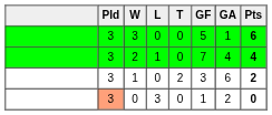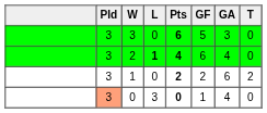 <table border=1 cellpadding=5 cellspacing=0>
 <tr>
 <th style="background:#efefef; width:120px;"></th>
 <th style="background:#efefef; width:20px;">Pld</th>
 <th style="background:#efefef; width:20px;">W</th>
 <th style="background:#efefef; width:20px;">L</th>
-<th style="background:#efefef; width:20px;">T</th>
+<th style="background:#efefef; width:20px;">Pts</th>
 <th style="background:#efefef; width:20px;">GF</th>
 <th style="background:#efefef; width:20px;">GA</th>
-<th style="background:#efefef; width:20px;">Pts</th>
+<th style="background:#efefef; width:20px;">T</th>
 </tr>
 <tr style="text-align:center; background:lime;">
 <td align=left></td>
 <td>3</td>
 <td>3</td>
 <td>0</td>
+<td><strong>6</strong></td>
+<td>5</td>
+<td>3</td>
 <td>0</td>
-<td>5</td>
-<td>1</td>
-<td><strong>6</strong></td>
 </tr>
 <tr style="text-align:center; background:lime;">
 <td align=left></td>
 <td>3</td>
 <td>2</td>
-<td>1</td>
+<td><strong>1</strong></td>
+<td><strong>4</strong></td>
+<td>6</td>
+<td>4</td>
 <td>0</td>
-<td>7</td>
-<td>4</td>
-<td><strong>4</strong></td>
 </tr>
 <tr align=center>
 <td align=left></td>
 <td>3</td>
 <td>1</td>
 <td>0</td>
+<td><strong>2</strong></td>
 <td>2</td>
-<td>3</td>
 <td>6</td>
-<td><strong>2</strong></td>
+<td>2</td>
 </tr>
 <tr align=center>
 <td align=left></td>
 <td style="background: lightsalmon;">3</td>
 <td>0</td>
 <td>3</td>
+<td><strong>0</strong></td>
+<td>1</td>
+<td>4</td>
 <td>0</td>
-<td>1</td>
-<td>2</td>
-<td><strong>0</strong></td>
 </tr>
 </table>
